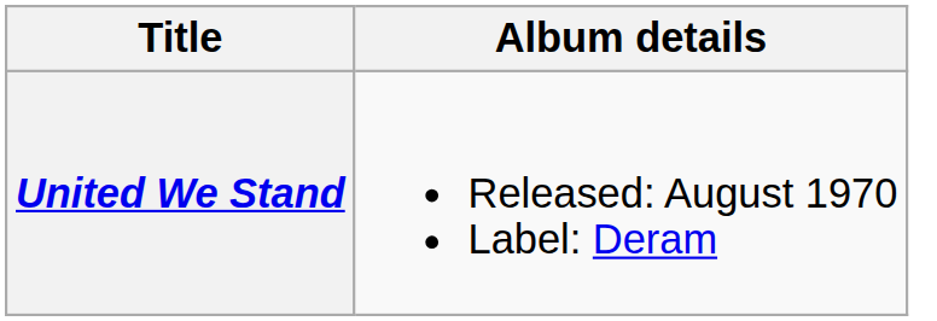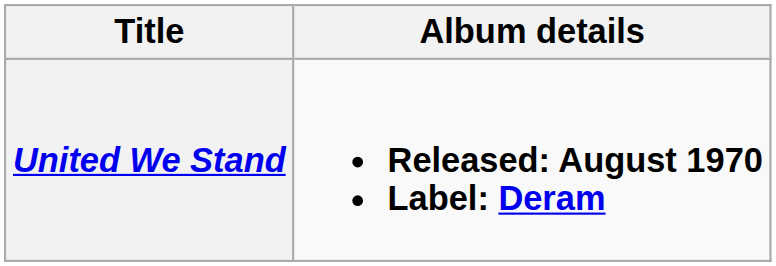 <table class="wikitable">
 <tr>
 <th>Title</th>
 <th>Album details</th>
 </tr>
 <tr>
 <th><em><a href='#'>United We Stand</a></em></th>
-<td><br><ul><li>Released: August 1970</li><li>Label: <a href='#'>Deram</a></li></ul></td>
+<td><strong><br><ul><li>Released: August 1970</li><li>Label: <a href='#'>Deram</a></li></ul></strong></td>
 </tr>
 </table>
